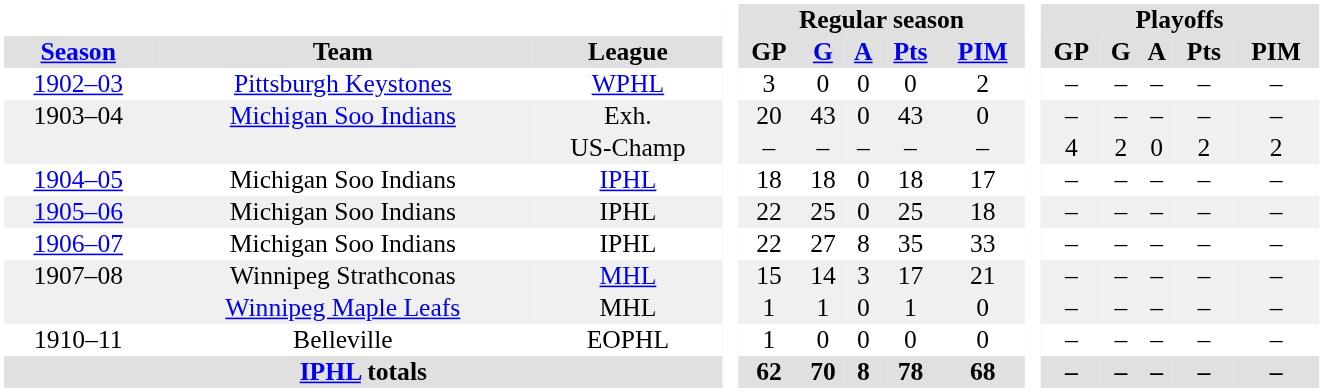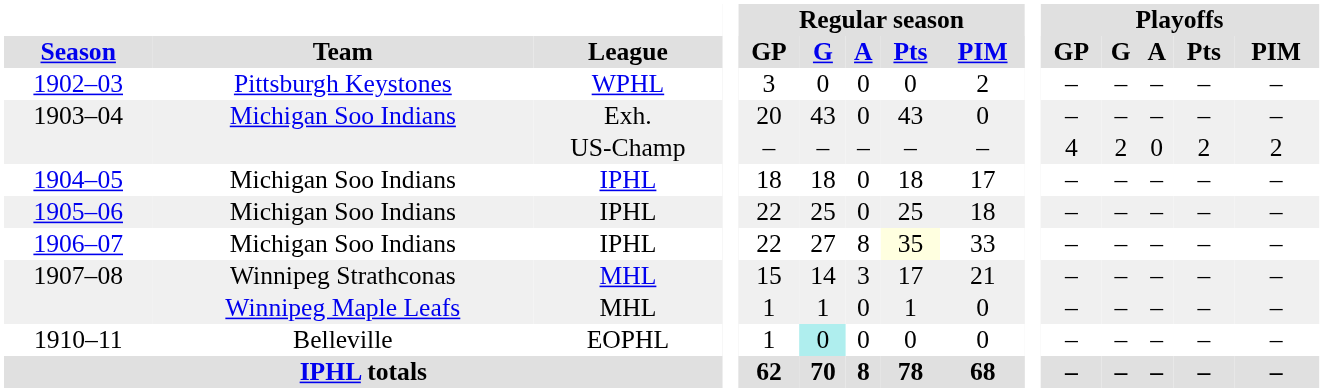 <table BORDER="0" CELLPADDING="1" CELLSPACING="0" width="65%" style="text-align:center">
 <tr bgcolor="#e0e0e0">
 <th colspan="3" bgcolor="#ffffff"> </th>
 <th rowspan="99" bgcolor="#ffffff"> </th>
 <th colspan="5">Regular season</th>
 <th rowspan="99" bgcolor="#ffffff"> </th>
 <th colspan="5">Playoffs</th>
 </tr>
 <tr bgcolor="#e0e0e0">
 <th><a href='#'>Season</a></th>
 <th>Team</th>
 <th>League</th>
 <th>GP</th>
 <th><a href='#'>G</a></th>
 <th><a href='#'>A</a></th>
 <th><a href='#'>Pts</a></th>
 <th><a href='#'>PIM</a></th>
 <th>GP</th>
 <th>G</th>
 <th>A</th>
 <th>Pts</th>
 <th>PIM</th>
 </tr>
 <tr ALIGN="center">
 <td><a href='#'>1902–03</a></td>
 <td><a href='#'>Pittsburgh Keystones</a></td>
 <td><a href='#'>WPHL</a></td>
 <td>3</td>
 <td>0</td>
 <td>0</td>
 <td>0</td>
 <td>2</td>
 <td>–</td>
 <td>–</td>
 <td>–</td>
 <td>–</td>
 <td>–</td>
 </tr>
 <tr ALIGN="center" bgcolor="#f0f0f0">
 <td>1903–04</td>
 <td><a href='#'>Michigan Soo Indians</a></td>
 <td>Exh.</td>
 <td>20</td>
 <td>43</td>
 <td>0</td>
 <td>43</td>
 <td>0</td>
 <td>–</td>
 <td>–</td>
 <td>–</td>
 <td>–</td>
 <td>–</td>
 </tr>
 <tr ALIGN="center" bgcolor="#f0f0f0">
 <td></td>
 <td></td>
 <td>US-Champ</td>
 <td>–</td>
 <td>–</td>
 <td>–</td>
 <td>–</td>
 <td>–</td>
 <td>4</td>
 <td>2</td>
 <td>0</td>
 <td>2</td>
 <td>2</td>
 </tr>
 <tr ALIGN="center">
 <td><a href='#'>1904–05</a></td>
 <td>Michigan Soo Indians</td>
 <td><a href='#'>IPHL</a></td>
 <td>18</td>
 <td>18</td>
 <td>0</td>
 <td>18</td>
 <td>17</td>
 <td>–</td>
 <td>–</td>
 <td>–</td>
 <td>–</td>
 <td>–</td>
 </tr>
 <tr ALIGN="center" bgcolor="#f0f0f0">
 <td><a href='#'>1905–06</a></td>
 <td>Michigan Soo Indians</td>
 <td>IPHL</td>
 <td>22</td>
 <td>25</td>
 <td>0</td>
 <td>25</td>
 <td>18</td>
 <td>–</td>
 <td>–</td>
 <td>–</td>
 <td>–</td>
 <td>–</td>
 </tr>
 <tr ALIGN="center">
 <td><a href='#'>1906–07</a></td>
 <td>Michigan Soo Indians</td>
 <td>IPHL</td>
 <td>22</td>
 <td>27</td>
 <td>8</td>
-<td>35</td>
+<td style="background: lightyellow;">35</td>
 <td>33</td>
 <td>–</td>
 <td>–</td>
 <td>–</td>
 <td>–</td>
 <td>–</td>
 </tr>
 <tr ALIGN="center" bgcolor="#f0f0f0">
 <td>1907–08</td>
 <td>Winnipeg Strathconas</td>
 <td><a href='#'>MHL</a></td>
 <td>15</td>
 <td>14</td>
 <td>3</td>
 <td>17</td>
 <td>21</td>
 <td>–</td>
 <td>–</td>
 <td>–</td>
 <td>–</td>
 <td>–</td>
 </tr>
 <tr ALIGN="center" bgcolor="#f0f0f0">
 <td></td>
 <td><a href='#'>Winnipeg Maple Leafs</a></td>
 <td>MHL</td>
 <td>1</td>
 <td>1</td>
 <td>0</td>
 <td>1</td>
 <td>0</td>
 <td>–</td>
 <td>–</td>
 <td>–</td>
 <td>–</td>
 <td>–</td>
 </tr>
 <tr ALIGN="center">
 <td>1910–11</td>
 <td>Belleville</td>
 <td>EOPHL</td>
 <td>1</td>
-<td>0</td>
+<td style="background: paleturquoise;">0</td>
 <td>0</td>
 <td>0</td>
 <td>0</td>
 <td>–</td>
 <td>–</td>
 <td>–</td>
 <td>–</td>
 <td>–</td>
 </tr>
 <tr ALIGN="center" bgcolor="#e0e0e0">
 <th colspan="3" align="center"><a href='#'>IPHL</a> totals</th>
 <th>62</th>
 <th>70</th>
 <th>8</th>
 <th>78</th>
 <th>68</th>
 <th>–</th>
 <th>–</th>
 <th>–</th>
 <th>–</th>
 <th>–</th>
 </tr>
 </table>
